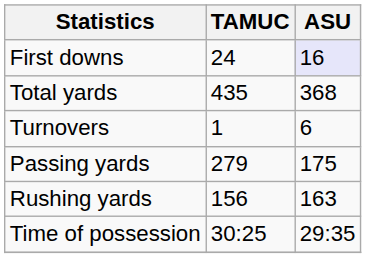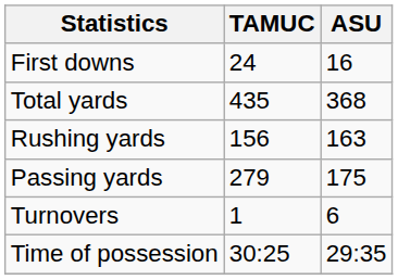 <table class="wikitable" style="float: left;">
 <tr>
 <th>Statistics</th>
 <th>TAMUC</th>
 <th>ASU</th>
 </tr>
 <tr>
 <td>First downs</td>
 <td>24</td>
-<td style="background: lavender;">16</td>
+<td>16</td>
 </tr>
 <tr>
 <td>Total yards</td>
 <td>435</td>
 <td>368</td>
 </tr>
 <tr>
-<td>Turnovers</td>
-<td>1</td>
-<td>6</td>
+<td>Rushing yards</td>
+<td>156</td>
+<td>163</td>
 </tr>
 <tr>
 <td>Passing yards</td>
 <td>279</td>
 <td>175</td>
 </tr>
 <tr>
-<td>Rushing yards</td>
-<td>156</td>
-<td>163</td>
+<td>Turnovers</td>
+<td>1</td>
+<td>6</td>
 </tr>
 <tr>
 <td>Time of possession</td>
 <td>30:25</td>
 <td>29:35</td>
 </tr>
 <tr>
 </tr>
 </table>
